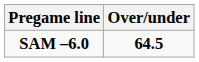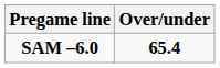 <table class="wikitable">
 <tr align="center">
 <th>Pregame line</th>
 <th>Over/under</th>
 </tr>
 <tr align="center">
 <td><strong>SAM –6.0</strong></td>
-<td><strong>64.5</strong></td>
+<td><strong>65.4</strong></td>
 </tr>
 </table>
